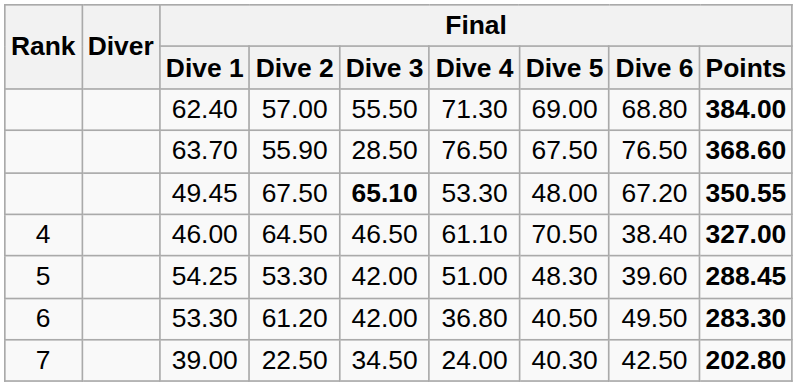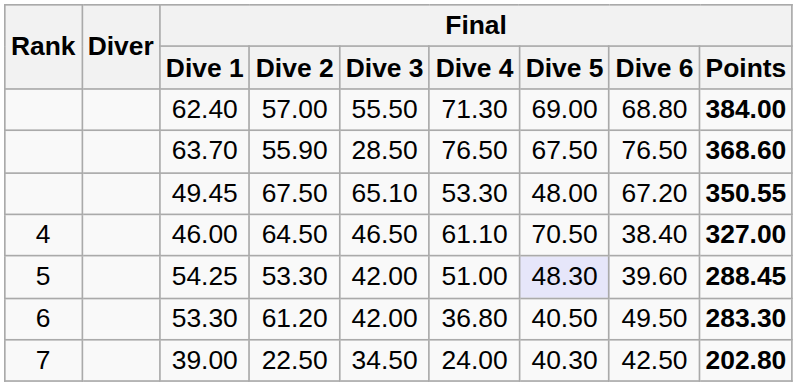 <table class="wikitable sortable"  style="text-align:center">
 <tr>
 <th rowspan="2" data-sort-type=number>Rank</th>
 <th rowspan="2">Diver</th>
 <th colspan="7">Final</th>
 </tr>
 <tr>
 <th>Dive 1</th>
 <th>Dive 2</th>
 <th>Dive 3</th>
 <th>Dive 4</th>
 <th>Dive 5</th>
 <th>Dive 6</th>
 <th>Points</th>
 </tr>
 <tr>
 <td></td>
 <td align="left"></td>
 <td>62.40</td>
 <td>57.00</td>
 <td>55.50</td>
 <td>71.30</td>
 <td>69.00</td>
 <td>68.80</td>
 <td><strong>384.00</strong></td>
 </tr>
 <tr>
 <td></td>
 <td align="left"></td>
 <td>63.70</td>
 <td>55.90</td>
 <td>28.50</td>
 <td>76.50</td>
 <td>67.50</td>
 <td>76.50</td>
 <td><strong>368.60</strong></td>
 </tr>
 <tr>
 <td></td>
 <td align="left"></td>
 <td>49.45</td>
 <td>67.50</td>
-<td><strong>65.10</strong></td>
+<td>65.10</td>
 <td>53.30</td>
 <td>48.00</td>
 <td>67.20</td>
 <td><strong>350.55</strong></td>
 </tr>
 <tr>
 <td>4</td>
 <td align="left"></td>
 <td>46.00</td>
 <td>64.50</td>
 <td>46.50</td>
 <td>61.10</td>
 <td>70.50</td>
 <td>38.40</td>
 <td><strong>327.00</strong></td>
 </tr>
 <tr>
 <td>5</td>
 <td align="left"></td>
 <td>54.25</td>
 <td>53.30</td>
 <td>42.00</td>
 <td>51.00</td>
-<td>48.30</td>
+<td style="background: lavender;">48.30</td>
 <td>39.60</td>
 <td><strong>288.45</strong></td>
 </tr>
 <tr>
 <td>6</td>
 <td align="left"></td>
 <td>53.30</td>
 <td>61.20</td>
 <td>42.00</td>
 <td>36.80</td>
 <td>40.50</td>
 <td>49.50</td>
 <td><strong>283.30</strong></td>
 </tr>
 <tr>
 <td>7</td>
 <td align="left"></td>
 <td>39.00</td>
 <td>22.50</td>
 <td>34.50</td>
 <td>24.00</td>
 <td>40.30</td>
 <td>42.50</td>
 <td><strong>202.80</strong></td>
 </tr>
 </table>
